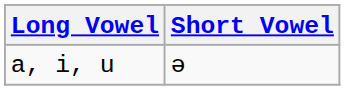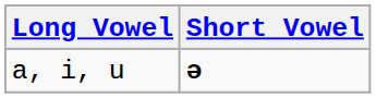 <table class="wikitable">
 <tr>
 <th><a href='#'>Long Vowel</a></th>
 <th><a href='#'>Short Vowel</a></th>
 </tr>
 <tr>
 <td>a, i, u</td>
-<td>ə</td>
+<td><strong>ə</strong></td>
 </tr>
 </table>
